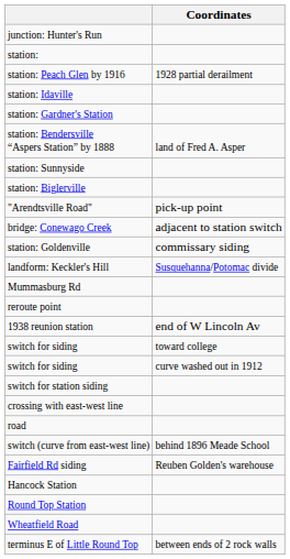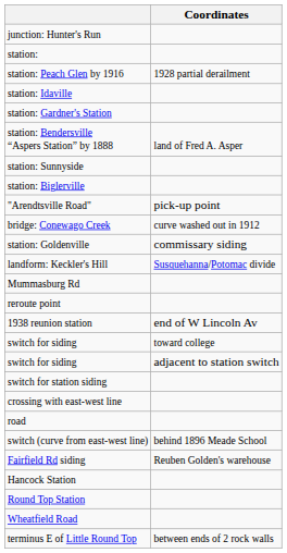 <table class="wikitable sortable">
 <tr>
 <th></th>
 <th>Coordinates</th>
 </tr>
 <tr>
 <td><small> junction: Hunter's Run</small></td>
 <td></td>
 </tr>
 <tr>
 <td><small> station: </small></td>
 <td><small> </small></td>
 </tr>
 <tr>
 <td><small>station: <a href='#'>Peach Glen</a> by 1916 </small></td>
 <td><small>1928 partial derailment </small></td>
 </tr>
 <tr>
 <td><small> station: <a href='#'>Idaville</a></small></td>
 <td><small> </small></td>
 </tr>
 <tr>
 <td><small> station: <a href='#'>Gardner's Station</a></small></td>
 <td></td>
 </tr>
 <tr>
 <td><small> station: <a href='#'>Bendersville</a><br>“Aspers Station” by 1888</small></td>
 <td><small> <br>land of Fred A. Asper</small></td>
 </tr>
 <tr>
 <td><small> station: Sunnyside</small></td>
 <td><small> </small></td>
 </tr>
 <tr>
 <td><small> station: <a href='#'>Biglerville</a></small></td>
 <td></td>
 </tr>
 <tr>
 <td><small> "Arendtsville Road"</small></td>
 <td>pick-up point</td>
 </tr>
 <tr>
 <td><small> bridge: <a href='#'>Conewago Creek</a></small></td>
-<td>adjacent to station switch</td>
+<td><small> curve washed out in 1912 </small></td>
 </tr>
 <tr>
 <td><small> station: Goldenville</small></td>
 <td>commissary siding</td>
 </tr>
 <tr>
 <td><small> landform: Keckler's Hill </small></td>
 <td><small> <a href='#'>Susquehanna</a>/<a href='#'>Potomac</a> divide</small></td>
 </tr>
 <tr>
 <td><small> Mummasburg Rd</small></td>
 <td></td>
 </tr>
 <tr>
 <td><small>  reroute point</small></td>
 <td><small></small></td>
 </tr>
 <tr>
 <td><small> 1938 reunion station</small></td>
 <td>end of W Lincoln Av</td>
 </tr>
 <tr>
 <td><small> switch for siding</small></td>
 <td><small> toward college</small></td>
 </tr>
 <tr>
 <td><small> switch for siding</small></td>
-<td><small> curve washed out in 1912 </small></td>
+<td>adjacent to station switch</td>
 </tr>
 <tr>
 <td><small> switch for station siding</small></td>
 <td></td>
 </tr>
 <tr>
 <td><small> crossing with east-west line</small></td>
 <td><small></small></td>
 </tr>
 <tr>
 <td><small> road</small></td>
 <td></td>
 </tr>
 <tr>
 <td><small> switch (curve from east-west line)</small></td>
 <td><small> behind 1896 Meade School</small></td>
 </tr>
 <tr>
 <td><small> <a href='#'>Fairfield Rd</a> siding</small></td>
 <td><small> Reuben Golden's warehouse</small></td>
 </tr>
 <tr>
 <td><small> Hancock Station</small></td>
 <td></td>
 </tr>
 <tr>
 <td><small> <a href='#'>Round Top Station</a></small></td>
 <td></td>
 </tr>
 <tr>
 <td><small> <a href='#'>Wheatfield Road</a></small></td>
 <td></td>
 </tr>
 <tr>
 <td><small> terminus E of <a href='#'>Little Round Top</a></small></td>
 <td><small> between ends of 2 rock walls</small></td>
 </tr>
 </table>
